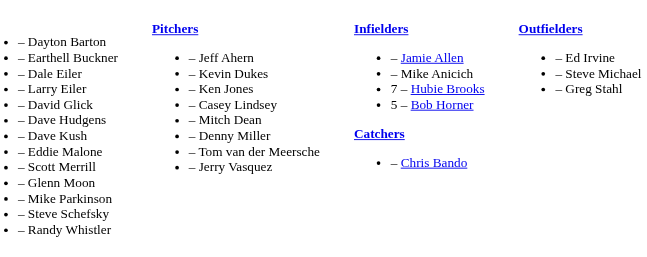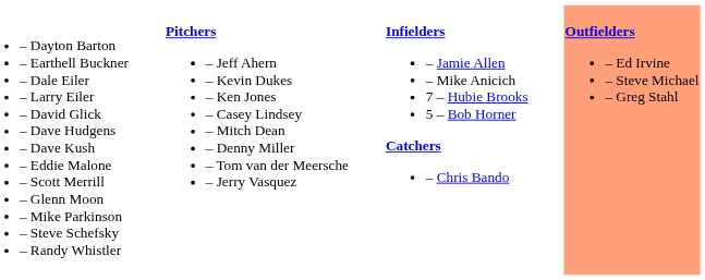 <table class="toccolours" style="border-collapse:collapse; font-size:90%;">
 <tr>
 <td colspan="15" style=></td>
 </tr>
 <tr>
 <td width="33"> </td>
 <td valign="top"><br><ul><li>– Dayton Barton</li><li>– Earthell Buckner</li><li>– Dale Eiler</li><li>– Larry Eiler</li><li>– David Glick</li><li>– Dave Hudgens</li><li>– Dave Kush</li><li>– Eddie Malone</li><li>– Scott Merrill</li><li>– Glenn Moon</li><li>– Mike Parkinson</li><li>– Steve Schefsky</li><li>– Randy Whistler</li></ul></td>
 <td width="33"> </td>
 <td valign="top"><br><strong><a href='#'>Pitchers</a></strong><ul><li>– Jeff Ahern</li><li>– Kevin Dukes</li><li>– Ken Jones</li><li>– Casey Lindsey</li><li>– Mitch Dean</li><li>– Denny Miller</li><li>– Tom van der Meersche</li><li>– Jerry Vasquez</li></ul></td>
 <td width="33"> </td>
 <td valign="top"><br><strong><a href='#'>Infielders</a></strong><ul><li>– <a href='#'>Jamie Allen</a></li><li>– Mike Anicich</li><li>7 – <a href='#'>Hubie Brooks</a></li><li>5 – <a href='#'>Bob Horner</a></li></ul><strong><a href='#'>Catchers</a></strong><ul><li>– <a href='#'>Chris Bando</a></li></ul></td>
 <td width="33"> </td>
-<td valign="top"><br><strong><a href='#'>Outfielders</a></strong><ul><li>– Ed Irvine</li><li>– Steve Michael</li><li>– Greg Stahl</li></ul></td>
+<td valign="top" style="background: lightsalmon;"><br><strong><a href='#'>Outfielders</a></strong><ul><li>– Ed Irvine</li><li>– Steve Michael</li><li>– Greg Stahl</li></ul></td>
 </tr>
 </table>
